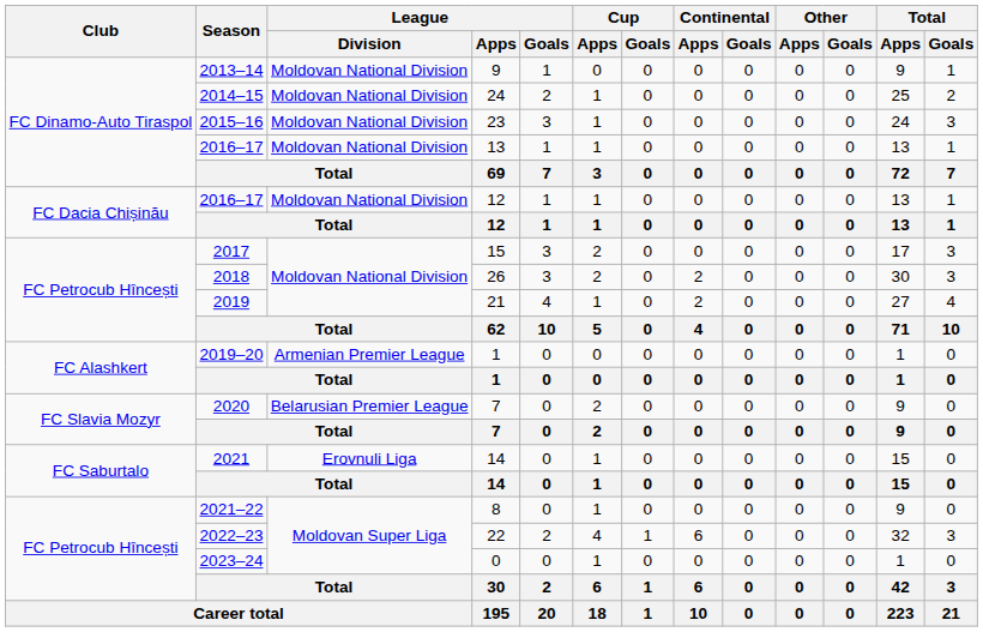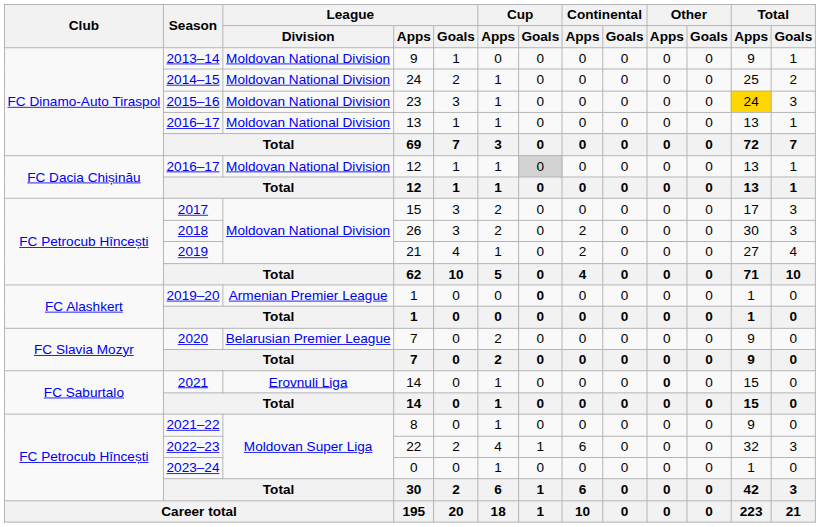 <table class="wikitable" style="text-align:center">
 <tr>
 <th rowspan=2>Club</th>
 <th rowspan=2>Season</th>
 <th colspan=3>League</th>
 <th colspan=2>Cup</th>
 <th colspan=2>Continental</th>
 <th colspan=2>Other</th>
 <th colspan=2>Total</th>
 </tr>
 <tr>
 <th>Division</th>
 <th>Apps</th>
 <th>Goals</th>
 <th>Apps</th>
 <th>Goals</th>
 <th>Apps</th>
 <th>Goals</th>
 <th>Apps</th>
 <th>Goals</th>
 <th>Apps</th>
 <th>Goals</th>
 </tr>
 <tr>
 <td rowspan=5><a href='#'>FC Dinamo-Auto Tiraspol</a></td>
 <td><a href='#'>2013–14</a></td>
 <td><a href='#'>Moldovan National Division</a></td>
 <td>9</td>
 <td>1</td>
 <td>0</td>
 <td>0</td>
 <td>0</td>
 <td>0</td>
 <td>0</td>
 <td>0</td>
 <td>9</td>
 <td>1</td>
 </tr>
 <tr>
 <td><a href='#'>2014–15</a></td>
 <td><a href='#'>Moldovan National Division</a></td>
 <td>24</td>
 <td>2</td>
 <td>1</td>
 <td>0</td>
 <td>0</td>
 <td>0</td>
 <td>0</td>
 <td>0</td>
 <td>25</td>
 <td>2</td>
 </tr>
 <tr>
 <td><a href='#'>2015–16</a></td>
 <td><a href='#'>Moldovan National Division</a></td>
 <td>23</td>
 <td>3</td>
 <td>1</td>
 <td>0</td>
 <td>0</td>
 <td>0</td>
 <td>0</td>
 <td>0</td>
-<td>24</td>
+<td style="background: gold;">24</td>
 <td>3</td>
 </tr>
 <tr>
 <td><a href='#'>2016–17</a></td>
 <td><a href='#'>Moldovan National Division</a></td>
 <td>13</td>
 <td>1</td>
 <td>1</td>
 <td>0</td>
 <td>0</td>
 <td>0</td>
 <td>0</td>
 <td>0</td>
 <td>13</td>
 <td>1</td>
 </tr>
 <tr>
 <th colspan="2">Total</th>
 <th>69</th>
 <th>7</th>
 <th>3</th>
 <th>0</th>
 <th>0</th>
 <th>0</th>
 <th>0</th>
 <th>0</th>
 <th>72</th>
 <th>7</th>
 </tr>
 <tr>
 <td rowspan=2><a href='#'>FC Dacia Chișinău</a></td>
 <td><a href='#'>2016–17</a></td>
 <td><a href='#'>Moldovan National Division</a></td>
 <td>12</td>
 <td>1</td>
 <td>1</td>
-<td>0</td>
+<td style="background: lightgrey;">0</td>
 <td>0</td>
 <td>0</td>
 <td>0</td>
 <td>0</td>
 <td>13</td>
 <td>1</td>
 </tr>
 <tr>
 <th colspan="2">Total</th>
 <th>12</th>
 <th>1</th>
 <th>1</th>
 <th>0</th>
 <th>0</th>
 <th>0</th>
 <th>0</th>
 <th>0</th>
 <th>13</th>
 <th>1</th>
 </tr>
 <tr>
 <td rowspan=4><a href='#'>FC Petrocub Hîncești</a></td>
 <td><a href='#'>2017</a></td>
 <td rowspan=3><a href='#'>Moldovan National Division</a></td>
 <td>15</td>
 <td>3</td>
 <td>2</td>
 <td>0</td>
 <td>0</td>
 <td>0</td>
 <td>0</td>
 <td>0</td>
 <td>17</td>
 <td>3</td>
 </tr>
 <tr>
 <td><a href='#'>2018</a></td>
 <td>26</td>
 <td>3</td>
 <td>2</td>
 <td>0</td>
 <td>2</td>
 <td>0</td>
 <td>0</td>
 <td>0</td>
 <td>30</td>
 <td>3</td>
 </tr>
 <tr>
 <td><a href='#'>2019</a></td>
 <td>21</td>
 <td>4</td>
 <td>1</td>
 <td>0</td>
 <td>2</td>
 <td>0</td>
 <td>0</td>
 <td>0</td>
 <td>27</td>
 <td>4</td>
 </tr>
 <tr>
 <th colspan="2">Total</th>
 <th>62</th>
 <th>10</th>
 <th>5</th>
 <th>0</th>
 <th>4</th>
 <th>0</th>
 <th>0</th>
 <th>0</th>
 <th>71</th>
 <th>10</th>
 </tr>
 <tr>
 <td rowspan=2><a href='#'>FC Alashkert</a></td>
 <td><a href='#'>2019–20</a></td>
 <td><a href='#'>Armenian Premier League</a></td>
 <td>1</td>
 <td>0</td>
 <td>0</td>
-<td>0</td>
+<td><strong>0</strong></td>
 <td>0</td>
 <td>0</td>
 <td>0</td>
 <td>0</td>
 <td>1</td>
 <td>0</td>
 </tr>
 <tr>
 <th colspan="2">Total</th>
 <th>1</th>
 <th>0</th>
 <th>0</th>
 <th>0</th>
 <th>0</th>
 <th>0</th>
 <th>0</th>
 <th>0</th>
 <th>1</th>
 <th>0</th>
 </tr>
 <tr>
 <td rowspan=2><a href='#'>FC Slavia Mozyr</a></td>
 <td><a href='#'>2020</a></td>
 <td><a href='#'>Belarusian Premier League</a></td>
 <td>7</td>
 <td>0</td>
 <td>2</td>
 <td>0</td>
 <td>0</td>
 <td>0</td>
 <td>0</td>
 <td>0</td>
 <td>9</td>
 <td>0</td>
 </tr>
 <tr>
 <th colspan="2">Total</th>
 <th>7</th>
 <th>0</th>
 <th>2</th>
 <th>0</th>
 <th>0</th>
 <th>0</th>
 <th>0</th>
 <th>0</th>
 <th>9</th>
 <th>0</th>
 </tr>
 <tr>
 <td rowspan=2><a href='#'>FC Saburtalo</a></td>
 <td><a href='#'>2021</a></td>
 <td><a href='#'>Erovnuli Liga</a></td>
 <td>14</td>
 <td>0</td>
 <td>1</td>
 <td>0</td>
 <td>0</td>
 <td>0</td>
-<td>0</td>
+<td><strong>0</strong></td>
 <td>0</td>
 <td>15</td>
 <td>0</td>
 </tr>
 <tr>
 <th colspan="2">Total</th>
 <th>14</th>
 <th>0</th>
 <th>1</th>
 <th>0</th>
 <th>0</th>
 <th>0</th>
 <th>0</th>
 <th>0</th>
 <th>15</th>
 <th>0</th>
 </tr>
 <tr>
 <td rowspan=4><a href='#'>FC Petrocub Hîncești</a></td>
 <td><a href='#'>2021–22</a></td>
 <td rowspan=3><a href='#'>Moldovan Super Liga</a></td>
 <td>8</td>
 <td>0</td>
 <td>1</td>
 <td>0</td>
 <td>0</td>
 <td>0</td>
 <td>0</td>
 <td>0</td>
 <td>9</td>
 <td>0</td>
 </tr>
 <tr>
 <td><a href='#'>2022–23</a></td>
 <td>22</td>
 <td>2</td>
 <td>4</td>
 <td>1</td>
 <td>6</td>
 <td>0</td>
 <td>0</td>
 <td>0</td>
 <td>32</td>
 <td>3</td>
 </tr>
 <tr>
 <td><a href='#'>2023–24</a></td>
 <td>0</td>
 <td>0</td>
 <td>1</td>
 <td>0</td>
 <td>0</td>
 <td>0</td>
 <td>0</td>
 <td>0</td>
 <td>1</td>
 <td>0</td>
 </tr>
 <tr>
 <th colspan="2">Total</th>
 <th>30</th>
 <th>2</th>
 <th>6</th>
 <th>1</th>
 <th>6</th>
 <th>0</th>
 <th>0</th>
 <th>0</th>
 <th>42</th>
 <th>3</th>
 </tr>
 <tr>
 <th colspan="3">Career total</th>
 <th>195</th>
 <th>20</th>
 <th>18</th>
 <th>1</th>
 <th>10</th>
 <th>0</th>
 <th>0</th>
 <th>0</th>
 <th>223</th>
 <th>21</th>
 </tr>
 </table>
